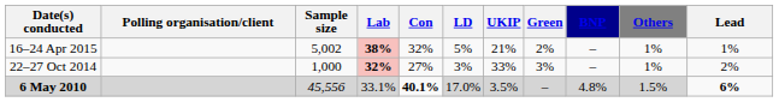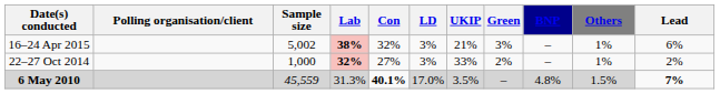 <table class="wikitable sortable" style="text-align:center;font-size:90%;line-height:14px">
 <tr>
 <th ! style="width:95px;">Date(s)<br>conducted</th>
 <th style="width:200px;">Polling organisation/client</th>
 <th class="unsortable" style="width:60px;">Sample size</th>
 <th class="unsortable" style="background:"><a href='#'><span>Lab</span></a></th>
 <th class="unsortable" style="background:"><a href='#'><span>Con</span></a></th>
 <th class="unsortable" style="background:"><a href='#'><span>LD</span></a></th>
 <th class="unsortable" style="background:"><a href='#'><span>UKIP</span></a></th>
 <th class="unsortable" style="background:"><a href='#'><span>Green</span></a></th>
 <th class="unsortable" style="background:#00008B; text-color:white; width:50px;"><a href='#'><span>BNP</span></a></th>
 <th class="unsortable" style="background:gray; width:65px;"><a href='#'><span>Others</span></a></th>
 <th class="unsortable" style="width:85px;">Lead</th>
 </tr>
 <tr>
 <td>16–24 Apr 2015</td>
 <td></td>
 <td>5,002</td>
 <td style="background:#F8C1BE"><strong>38%</strong></td>
 <td>32%</td>
-<td>5%</td>
+<td>3%</td>
 <td>21%</td>
-<td>2%</td>
+<td>3%</td>
 <td>–</td>
 <td>1%</td>
-<td style="background:">1%</td>
+<td style="background:">6%</td>
 </tr>
 <tr>
 <td>22–27 Oct 2014</td>
 <td></td>
 <td>1,000</td>
 <td style="background:#F8C1BE"><strong>32%</strong></td>
 <td>27%</td>
 <td>3%</td>
 <td>33%</td>
-<td>3%</td>
+<td>2%</td>
 <td>–</td>
 <td>1%</td>
 <td style="background:">2%</td>
 </tr>
 <tr>
 <td style="background:#D5D5D5"><strong>6 May 2010</strong></td>
 <td style="background:#D5D5D5"></td>
-<td style="background:#D5D5D5"><em>45,556</em></td>
-<td style="background:#D5D5D5">33.1%</td>
+<td style="background:#D5D5D5"><em>45,559</em></td>
+<td style="background:#D5D5D5">31.3%</td>
 <td style="background:"><strong>40.1%</strong></td>
 <td style="background:#D5D5D5">17.0%</td>
 <td style="background:#D5D5D5">3.5%</td>
 <td style="background:#D5D5D5">–</td>
 <td style="background:#D5D5D5">4.8%</td>
 <td style="background:#D5D5D5">1.5%</td>
-<td style="background:"><strong>6% </strong></td>
+<td style="background:"><strong>7% </strong></td>
 </tr>
 </table>
